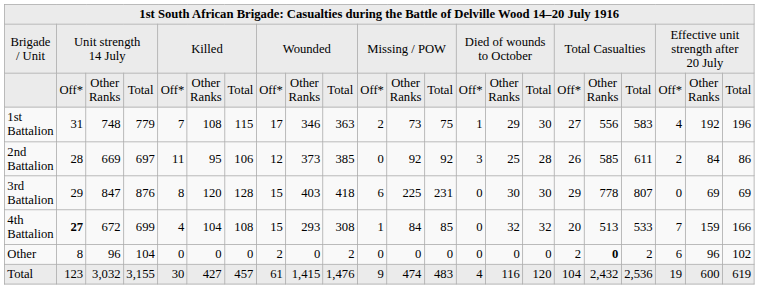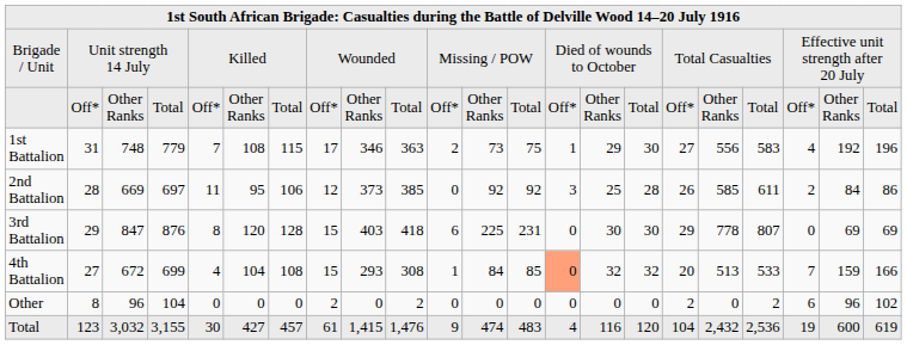 <table class="wikitable">
 <tr>
 <td colspan="22" style="background:#ebebeb; text-align:center;"><strong>1st South African Brigade: Casualties during the Battle of Delville Wood 14–20 July 1916</strong></td>
 </tr>
 <tr style="text-align:center; background:#ebebeb;">
 <td>Brigade / Unit</td>
 <td style="background:#ebebeb; text-align:center;" colspan="3">Unit strength<br>14 July</td>
 <td style="background:#ebebeb; text-align:center;" colspan="3">Killed</td>
 <td style="background:#ebebeb; text-align:center;" colspan="3">Wounded</td>
 <td style="background:#ebebeb; text-align:center;" colspan="3">Missing / POW</td>
 <td style="background:#ebebeb; text-align:center;" colspan="3">Died of wounds<br>to October</td>
 <td style="background:#ebebeb; text-align:center;" colspan="3">Total Casualties</td>
 <td style="background:#ebebeb; text-align:center;" colspan="3">Effective unit<br>strength after<br>20 July</td>
 </tr>
 <tr style="text-align:center; background:#ebebeb;">
 <td></td>
 <td style="background:#ebebeb; text-align:center;">Off*</td>
 <td style="background:#ebebeb; text-align:center;">Other<br>Ranks</td>
 <td style="background:#ebebeb; text-align:center;">Total</td>
 <td style="background:#ebebeb; text-align:center;">Off*</td>
 <td style="background:#ebebeb; text-align:center;">Other<br>Ranks</td>
 <td style="background:#ebebeb; text-align:center;">Total</td>
 <td style="background:#ebebeb; text-align:center;">Off*</td>
 <td style="background:#ebebeb; text-align:center;">Other<br>Ranks</td>
 <td style="background:#ebebeb; text-align:center;">Total</td>
 <td style="background:#ebebeb; text-align:center;">Off*</td>
 <td style="background:#ebebeb; text-align:center;">Other<br>Ranks</td>
 <td style="background:#ebebeb; text-align:center;">Total</td>
 <td style="background:#ebebeb; text-align:center;">Off*</td>
 <td style="background:#ebebeb; text-align:center;">Other<br>Ranks</td>
 <td style="background:#ebebeb; text-align:center;">Total</td>
 <td style="background:#ebebeb; text-align:center;">Off*</td>
 <td style="background:#ebebeb; text-align:center;">Other<br>Ranks</td>
 <td style="background:#ebebeb; text-align:center;">Total</td>
 <td style="background:#ebebeb; text-align:center;">Off*</td>
 <td style="background:#ebebeb; text-align:center;">Other<br>Ranks</td>
 <td style="background:#ebebeb; text-align:center;">Total</td>
 </tr>
 <tr>
 <td>1st Battalion</td>
 <td style="width:40pt; text-align:right;">31</td>
 <td style="width:40pt; text-align:right;">748</td>
 <td style="width:40pt; text-align:right;">779</td>
 <td style="width:40pt; text-align:right;">7</td>
 <td style="width:40pt; text-align:right;">108</td>
 <td style="width:40pt; text-align:right;">115</td>
 <td style="width:40pt; text-align:right;">17</td>
 <td style="width:40pt; text-align:right;">346</td>
 <td style="width:40pt; text-align:right;">363</td>
 <td style="width:40pt; text-align:right;">2</td>
 <td style="width:40pt; text-align:right;">73</td>
 <td style="width:40pt; text-align:right;">75</td>
 <td style="width:40pt; text-align:right;">1</td>
 <td style="width:40pt; text-align:right;">29</td>
 <td style="width:40pt; text-align:right;">30</td>
 <td style="width:40pt; text-align:right;">27</td>
 <td style="width:40pt; text-align:right;">556</td>
 <td style="width:40pt; text-align:right;">583</td>
 <td style="width:40pt; text-align:right;">4</td>
 <td style="width:40pt; text-align:right;">192</td>
 <td style="width:40pt; text-align:right;">196</td>
 </tr>
 <tr>
 <td>2nd Battalion</td>
 <td align="right">28</td>
 <td align="right">669</td>
 <td align="right">697</td>
 <td align="right">11</td>
 <td align="right">95</td>
 <td align="right">106</td>
 <td align="right">12</td>
 <td align="right">373</td>
 <td align="right">385</td>
 <td align="right">0</td>
 <td align="right">92</td>
 <td align="right">92</td>
 <td align="right">3</td>
 <td align="right">25</td>
 <td align="right">28</td>
 <td align="right">26</td>
 <td align="right">585</td>
 <td align="right">611</td>
 <td align="right">2</td>
 <td align="right">84</td>
 <td align="right">86</td>
 </tr>
 <tr>
 <td>3rd Battalion</td>
 <td align="right">29</td>
 <td align="right">847</td>
 <td align="right">876</td>
 <td align="right">8</td>
 <td align="right">120</td>
 <td align="right">128</td>
 <td align="right">15</td>
 <td align="right">403</td>
 <td align="right">418</td>
 <td align="right">6</td>
 <td align="right">225</td>
 <td align="right">231</td>
 <td align="right">0</td>
 <td align="right">30</td>
 <td align="right">30</td>
 <td align="right">29</td>
 <td align="right">778</td>
 <td align="right">807</td>
 <td align="right">0</td>
 <td align="right">69</td>
 <td align="right">69</td>
 </tr>
 <tr>
 <td>4th Battalion</td>
-<td align="right"><strong>27</strong></td>
+<td align="right">27</td>
 <td align="right">672</td>
 <td align="right">699</td>
 <td align="right">4</td>
 <td align="right">104</td>
 <td align="right">108</td>
 <td align="right">15</td>
 <td align="right">293</td>
 <td align="right">308</td>
 <td align="right">1</td>
 <td align="right">84</td>
 <td align="right">85</td>
-<td align="right">0</td>
+<td align="right" style="background: lightsalmon;">0</td>
 <td align="right">32</td>
 <td align="right">32</td>
 <td align="right">20</td>
 <td align="right">513</td>
 <td align="right">533</td>
 <td align="right">7</td>
 <td align="right">159</td>
 <td align="right">166</td>
 </tr>
 <tr>
 <td>Other</td>
 <td align="right">8</td>
 <td align="right">96</td>
 <td align="right">104</td>
 <td align="right">0</td>
 <td align="right">0</td>
 <td align="right">0</td>
 <td align="right">2</td>
 <td align="right">0</td>
 <td align="right">2</td>
 <td align="right">0</td>
 <td align="right">0</td>
 <td align="right">0</td>
 <td align="right">0</td>
 <td align="right">0</td>
 <td align="right">0</td>
 <td align="right">2</td>
-<td align="right"><strong>0</strong></td>
+<td align="right">0</td>
 <td align="right">2</td>
 <td align="right">6</td>
 <td align="right">96</td>
 <td align="right">102</td>
 </tr>
 <tr>
 <td style="background:#EBEBEB;">Total</td>
 <td style="background:#ebebeb; text-align:right;">123</td>
 <td style="background:#ebebeb; text-align:right;">3,032</td>
 <td style="background:#ebebeb; text-align:right;">3,155</td>
 <td style="background:#ebebeb; text-align:right;">30</td>
 <td style="background:#ebebeb; text-align:right;">427</td>
 <td style="background:#ebebeb; text-align:right;">457</td>
 <td style="background:#ebebeb; text-align:right;">61</td>
 <td style="background:#ebebeb; text-align:right;">1,415</td>
 <td style="background:#ebebeb; text-align:right;">1,476</td>
 <td style="background:#ebebeb; text-align:right;">9</td>
 <td style="background:#ebebeb; text-align:right;">474</td>
 <td style="background:#ebebeb; text-align:right;">483</td>
 <td style="background:#ebebeb; text-align:right;">4</td>
 <td style="background:#ebebeb; text-align:right;">116</td>
 <td style="background:#ebebeb; text-align:right;">120</td>
 <td style="background:#ebebeb; text-align:right;">104</td>
 <td style="background:#ebebeb; text-align:right;">2,432</td>
 <td style="background:#ebebeb; text-align:right;">2,536</td>
 <td style="background:#ebebeb; text-align:right;">19</td>
 <td style="background:#ebebeb; text-align:right;">600</td>
 <td style="background:#ebebeb; text-align:right;">619</td>
 </tr>
 </table>
